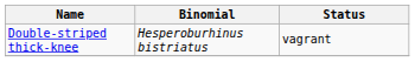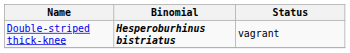 <table width=72% class="wikitable">
 <tr>
 <th width=24%>Name</th>
 <th width=24%>Binomial</th>
 <th width=24%>Status</th>
 </tr>
 <tr>
 <td><a href='#'>Double-striped thick-knee</a></td>
-<td><em>Hesperoburhinus bistriatus</em></td>
+<td><strong><em>Hesperoburhinus bistriatus</em></strong></td>
 <td>vagrant</td>
 </tr>
 <tr>
 </tr>
 </table>
